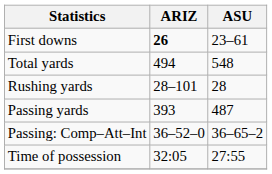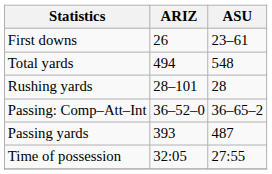 <table class="wikitable" style="float: left;">
 <tr>
 <th>Statistics</th>
 <th>ARIZ</th>
 <th>ASU</th>
 </tr>
 <tr>
 <td>First downs</td>
-<td><strong>26</strong></td>
+<td>26</td>
 <td>23–61</td>
 </tr>
 <tr>
 <td>Total yards</td>
 <td>494</td>
 <td>548</td>
 </tr>
 <tr>
 <td>Rushing yards</td>
 <td>28–101</td>
 <td>28</td>
 </tr>
 <tr>
+<td>Passing: Comp–Att–Int</td>
+<td>36–52–0</td>
+<td>36–65–2</td>
+</tr>
+<tr>
 <td>Passing yards</td>
 <td>393</td>
 <td>487</td>
-</tr>
-<tr>
-<td>Passing: Comp–Att–Int</td>
-<td>36–52–0</td>
-<td>36–65–2</td>
 </tr>
 <tr>
 <td>Time of possession</td>
 <td>32:05</td>
 <td>27:55</td>
 </tr>
 <tr>
 </tr>
 </table>
